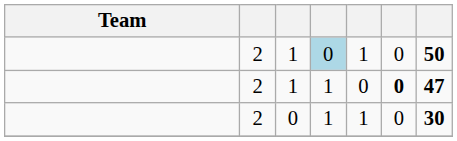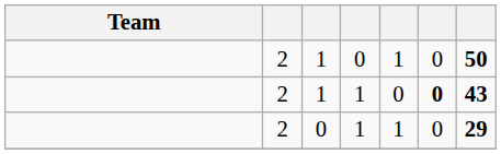 <table class="wikitable" style="text-align:center;">
 <tr>
 <th style="width:175px;">Team</th>
 <th width="20"></th>
 <th width="20"></th>
 <th width="20"></th>
 <th width="20"></th>
 <th width="20"></th>
 <th width="20"></th>
 </tr>
 <tr>
 <td style="text-align:left;"></td>
 <td>2</td>
 <td>1</td>
-<td style="background: lightblue;">0</td>
+<td>0</td>
 <td>1</td>
 <td>0</td>
 <td><strong>50</strong></td>
 </tr>
 <tr>
 <td style="text-align:left;"></td>
 <td>2</td>
 <td>1</td>
 <td>1</td>
 <td>0</td>
 <td><strong>0</strong></td>
-<td><strong>47</strong></td>
+<td><strong>43</strong></td>
 </tr>
 <tr>
 <td style="text-align:left;"></td>
 <td>2</td>
 <td>0</td>
 <td>1</td>
 <td>1</td>
 <td>0</td>
-<td><strong>30</strong></td>
+<td><strong>29</strong></td>
 </tr>
 <tr>
 </tr>
 </table>
